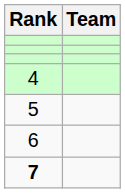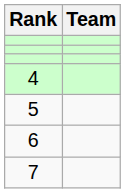 <table class="wikitable">
 <tr>
 <th>Rank</th>
 <th>Team</th>
 </tr>
 <tr bgcolor="#ccffcc">
 <td align=center></td>
 <td></td>
 </tr>
 <tr bgcolor="#ccffcc">
 <td align=center></td>
 <td></td>
 </tr>
 <tr bgcolor="#ccffcc">
 <td align=center></td>
 <td></td>
 </tr>
 <tr bgcolor="#ccffcc">
 <td align=center>4</td>
 <td></td>
 </tr>
 <tr>
 <td align=center>5</td>
 <td></td>
 </tr>
 <tr>
 <td align=center>6</td>
 <td></td>
 </tr>
 <tr>
-<td align=center><strong>7</strong></td>
+<td align=center>7</td>
 <td></td>
 </tr>
 </table>
